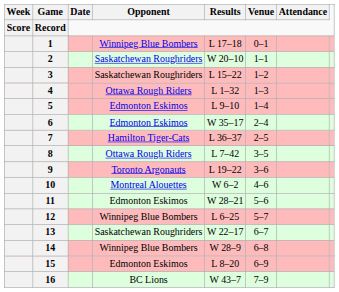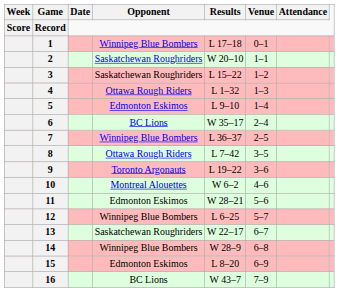 <table class="wikitable" style="text-align:center">
 <tr>
 <th>Week</th>
 <th>Game</th>
 <th>Date</th>
 <th>Opponent</th>
 <th>Results</th>
 <th>Venue</th>
 <th>Attendance</th>
 </tr>
 <tr>
 <th>Score</th>
 <th>Record</th>
 </tr>
 <tr style="background:#ffbbbb">
 <th></th>
 <th>1</th>
 <td></td>
 <td><a href='#'>Winnipeg Blue Bombers</a></td>
 <td>L 17–18</td>
 <td>0–1</td>
 <td></td>
 <td></td>
 </tr>
 <tr style="background:#ddffdd">
 <th></th>
 <th>2</th>
 <td></td>
 <td><a href='#'>Saskatchewan Roughriders</a></td>
 <td>W 20–10</td>
 <td>1–1</td>
 <td></td>
 <td></td>
 </tr>
 <tr style="background:#ffbbbb">
 <th></th>
 <th>3</th>
 <td></td>
 <td>Saskatchewan Roughriders</td>
 <td>L 15–22</td>
 <td>1–2</td>
 <td></td>
 <td></td>
 </tr>
 <tr style="background:#ffbbbb">
 <th></th>
 <th>4</th>
 <td></td>
 <td><a href='#'>Ottawa Rough Riders</a></td>
 <td>L 1–32</td>
 <td>1–3</td>
 <td></td>
 <td></td>
 </tr>
 <tr style="background:#ffbbbb">
 <th></th>
 <th>5</th>
 <td></td>
 <td><a href='#'>Edmonton Eskimos</a></td>
 <td>L 9–10</td>
 <td>1–4</td>
 <td></td>
 <td></td>
 </tr>
 <tr style="background:#ddffdd">
 <th></th>
 <th>6</th>
 <td></td>
-<td><a href='#'>Edmonton Eskimos</a></td>
+<td><a href='#'>BC Lions</a></td>
 <td>W 35–17</td>
 <td>2–4</td>
 <td></td>
 <td></td>
 </tr>
 <tr style="background:#ffbbbb">
 <th></th>
 <th>7</th>
 <td></td>
-<td><a href='#'>Hamilton Tiger-Cats</a></td>
+<td><a href='#'>Winnipeg Blue Bombers</a></td>
 <td>L 36–37</td>
 <td>2–5</td>
 <td></td>
 <td></td>
 </tr>
 <tr style="background:#ddffdd">
 <th></th>
 <th>8</th>
 <td></td>
 <td><a href='#'>Ottawa Rough Riders</a></td>
 <td>L 7–42</td>
 <td>3–5</td>
 <td></td>
 <td></td>
 </tr>
 <tr style="background:#ffbbbb">
 <th></th>
 <th>9</th>
 <td></td>
 <td><a href='#'>Toronto Argonauts</a></td>
 <td>L 19–22</td>
 <td>3–6</td>
 <td></td>
 <td></td>
 </tr>
 <tr style="background:#ddffdd">
 <th></th>
 <th>10</th>
 <td></td>
 <td><a href='#'>Montreal Alouettes</a></td>
 <td>W 6–2</td>
 <td>4–6</td>
 <td></td>
 <td></td>
 </tr>
 <tr style="background:#ddffdd">
 <th></th>
 <th>11</th>
 <td></td>
 <td>Edmonton Eskimos</td>
 <td>W 28–21</td>
 <td>5–6</td>
 <td></td>
 <td></td>
 </tr>
 <tr style="background:#ffbbbb">
 <th></th>
 <th>12</th>
 <td></td>
 <td>Winnipeg Blue Bombers</td>
 <td>L 6–25</td>
 <td>5–7</td>
 <td></td>
 <td></td>
 </tr>
 <tr style="background:#ddffdd">
 <th></th>
 <th>13</th>
 <td></td>
 <td>Saskatchewan Roughriders</td>
 <td>W 22–17</td>
 <td>6–7</td>
 <td></td>
 <td></td>
 </tr>
 <tr style="background:#ffbbbb">
 <th></th>
 <th>14</th>
 <td></td>
 <td>Winnipeg Blue Bombers</td>
 <td>W 28–9</td>
 <td>6–8</td>
 <td></td>
 <td></td>
 </tr>
 <tr style="background:#ffbbbb">
 <th></th>
 <th>15</th>
 <td></td>
 <td>Edmonton Eskimos</td>
 <td>L 8–20</td>
 <td>6–9</td>
 <td></td>
 <td></td>
 </tr>
 <tr style="background:#ddffdd">
 <th></th>
 <th>16</th>
 <td></td>
 <td>BC Lions</td>
 <td>W 43–7</td>
 <td>7–9</td>
 <td></td>
 <td></td>
 </tr>
 </table>
